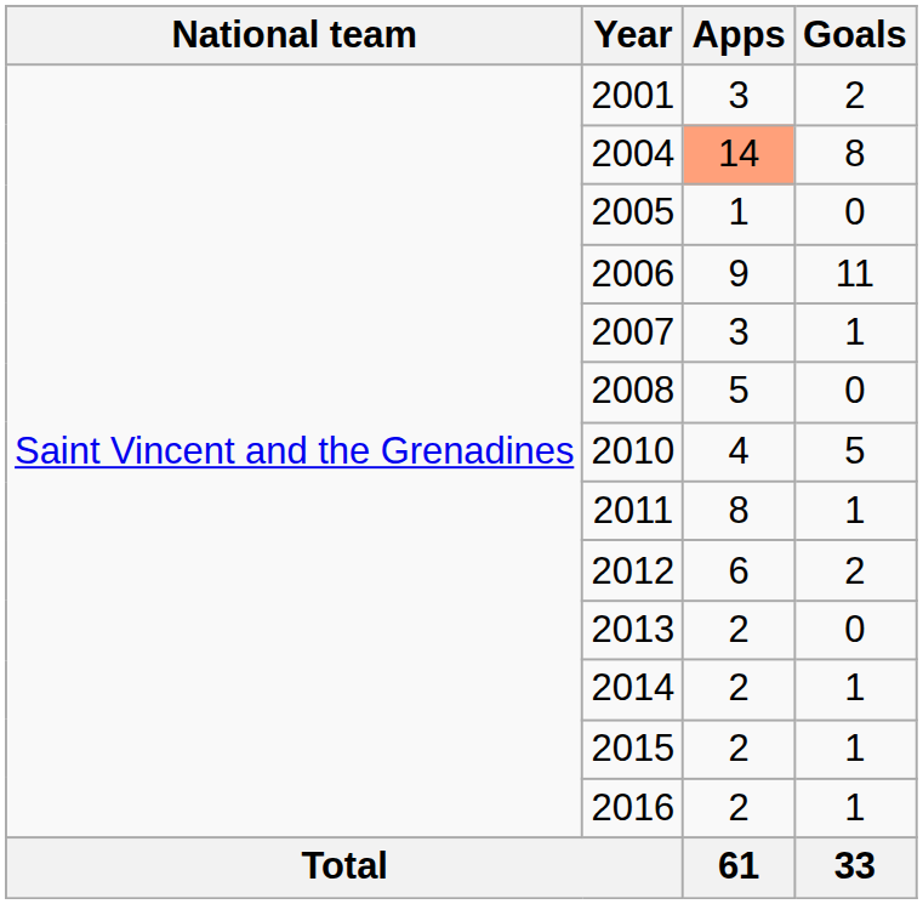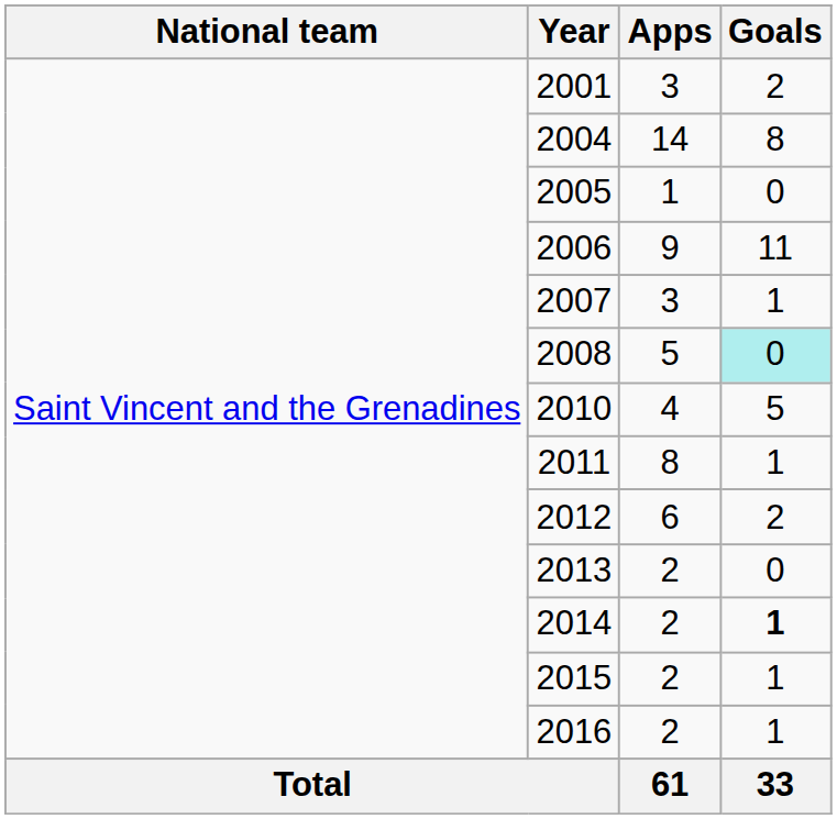 <table class=wikitable style="text-align: center">
 <tr>
 <th>National team</th>
 <th>Year</th>
 <th>Apps</th>
 <th>Goals</th>
 </tr>
 <tr>
 <td rowspan="13"><a href='#'>Saint Vincent and the Grenadines</a></td>
 <td>2001</td>
 <td>3</td>
 <td>2</td>
 </tr>
 <tr>
 <td>2004</td>
-<td style="background: lightsalmon;">14</td>
+<td>14</td>
 <td>8</td>
 </tr>
 <tr>
 <td>2005</td>
 <td>1</td>
 <td>0</td>
 </tr>
 <tr>
 <td>2006</td>
 <td>9</td>
 <td>11</td>
 </tr>
 <tr>
 <td>2007</td>
 <td>3</td>
 <td>1</td>
 </tr>
 <tr>
 <td>2008</td>
 <td>5</td>
-<td>0</td>
+<td style="background: paleturquoise;">0</td>
 </tr>
 <tr>
 <td>2010</td>
 <td>4</td>
 <td>5</td>
 </tr>
 <tr>
 <td>2011</td>
 <td>8</td>
 <td>1</td>
 </tr>
 <tr>
 <td>2012</td>
 <td>6</td>
 <td>2</td>
 </tr>
 <tr>
 <td>2013</td>
 <td>2</td>
 <td>0</td>
 </tr>
 <tr>
 <td>2014</td>
 <td>2</td>
-<td>1</td>
+<td><strong>1</strong></td>
 </tr>
 <tr>
 <td>2015</td>
 <td>2</td>
 <td>1</td>
 </tr>
 <tr>
 <td>2016</td>
 <td>2</td>
 <td>1</td>
 </tr>
 <tr>
 <th colspan="2">Total</th>
 <th>61</th>
 <th>33</th>
 </tr>
 </table>
